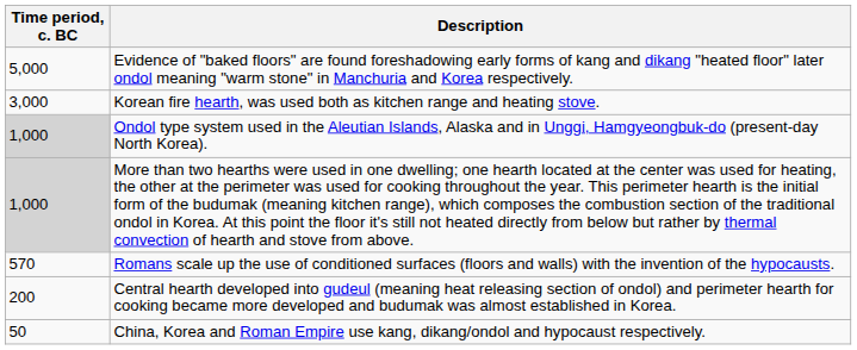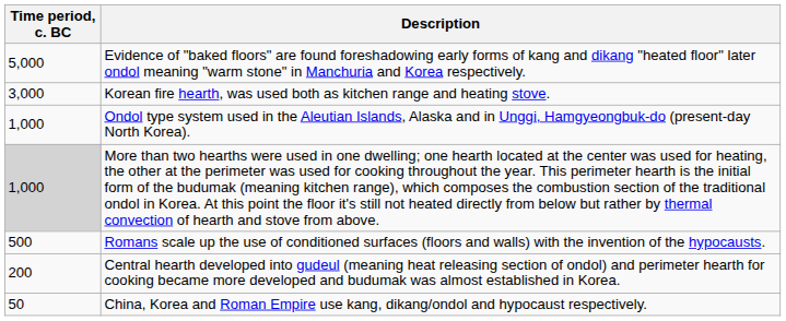 <table class="wikitable">
 <tr>
 <th style="width:100px;">Time period, c. BC</th>
 <th style="width:750px;">Description</th>
 </tr>
 <tr>
 <td>5,000</td>
 <td>Evidence of "baked floors" are found foreshadowing early forms of kang and <a href='#'>dikang</a> "heated floor" later <a href='#'>ondol</a> meaning "warm stone" in <a href='#'>Manchuria</a> and <a href='#'>Korea</a> respectively.</td>
 </tr>
 <tr>
 <td>3,000</td>
 <td>Korean fire <a href='#'>hearth</a>, was used both as kitchen range and heating <a href='#'>stove</a>.</td>
 </tr>
 <tr>
-<td style="background: lightgrey;">1,000</td>
+<td>1,000</td>
 <td><a href='#'>Ondol</a> type system used in the <a href='#'>Aleutian Islands</a>, Alaska and in <a href='#'>Unggi, Hamgyeongbuk-do</a> (present-day North Korea).</td>
 </tr>
 <tr>
 <td style="background: lightgrey;">1,000</td>
 <td>More than two hearths were used in one dwelling; one hearth located at the center was used for heating, the other at the perimeter was used for cooking throughout the year. This perimeter hearth is the initial form of the budumak (meaning kitchen range), which composes the combustion section of the traditional ondol in Korea. At this point the floor it's still not heated directly from below but rather by <a href='#'>thermal convection</a> of hearth and stove from above.</td>
 </tr>
 <tr>
-<td>570</td>
+<td>500</td>
 <td><a href='#'>Romans</a> scale up the use of conditioned surfaces (floors and walls) with the invention of the <a href='#'>hypocausts</a>.</td>
 </tr>
 <tr>
 <td>200</td>
 <td>Central hearth developed into <a href='#'>gudeul</a> (meaning heat releasing section of ondol) and perimeter hearth for cooking became more developed and budumak was almost established in Korea.</td>
 </tr>
 <tr>
 <td>50</td>
 <td>China, Korea and <a href='#'>Roman Empire</a> use kang, dikang/ondol and hypocaust respectively.</td>
 </tr>
 </table>
